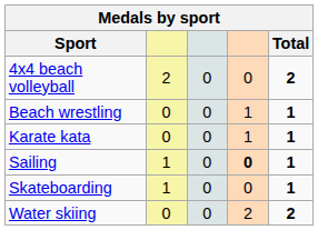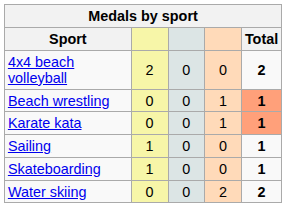 <table class="wikitable" style="font-size:90%; text-align:center;">
 <tr>
 <th colspan="5">Medals by sport</th>
 </tr>
 <tr>
 <th width="120">Sport</th>
 <th scope="col" width="30" style="background:#F7F6A8;"></th>
 <th scope="col" width="30" style="background:#DCE5E5;"></th>
 <th scope="col" width="30" style="background:#FFDAB9;"></th>
 <th width="30">Total</th>
 </tr>
 <tr>
 <td align="left"><a href='#'>4x4 beach volleyball</a></td>
 <td style="background:#F7F6A8;">2</td>
 <td style="background:#DCE5E5;">0</td>
 <td style="background:#FFDAB9;">0</td>
 <td><strong>2</strong></td>
 </tr>
 <tr>
 <td align="left"><a href='#'>Beach wrestling</a></td>
 <td style="background:#F7F6A8;">0</td>
 <td style="background:#DCE5E5;">0</td>
 <td style="background:#FFDAB9;">1</td>
-<td><strong>1</strong></td>
+<td style="background: lightsalmon;"><strong>1</strong></td>
 </tr>
 <tr>
 <td align="left"><a href='#'>Karate kata</a></td>
 <td style="background:#F7F6A8;">0</td>
 <td style="background:#DCE5E5;">0</td>
 <td style="background:#FFDAB9;">1</td>
-<td><strong>1</strong></td>
+<td style="background: lightsalmon;"><strong>1</strong></td>
 </tr>
 <tr>
 <td align="left"><a href='#'>Sailing</a></td>
 <td style="background:#F7F6A8;">1</td>
 <td style="background:#DCE5E5;">0</td>
-<td style="background:#FFDAB9;"><strong>0</strong></td>
+<td style="background:#FFDAB9;">0</td>
 <td><strong>1</strong></td>
 </tr>
 <tr>
 <td align="left"><a href='#'>Skateboarding</a></td>
 <td style="background:#F7F6A8;">1</td>
 <td style="background:#DCE5E5;">0</td>
 <td style="background:#FFDAB9;">0</td>
 <td><strong>1</strong></td>
 </tr>
 <tr>
 <td align="left"><a href='#'>Water skiing</a></td>
 <td style="background:#F7F6A8;">0</td>
 <td style="background:#DCE5E5;">0</td>
 <td style="background:#FFDAB9;">2</td>
 <td><strong>2</strong></td>
 </tr>
 </table>
